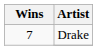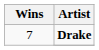 <table class="wikitable" style="text-align:center;">
 <tr>
 <th scope="col" width="55">Wins</th>
 <th scope="col" align="center">Artist</th>
 </tr>
 <tr>
 <td rowspan=2 style="text-align:center">7</td>
-<td>Drake</td>
+<td><strong>Drake</strong></td>
 </tr>
 <tr>
 </tr>
 </table>
